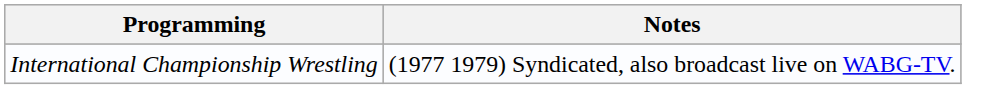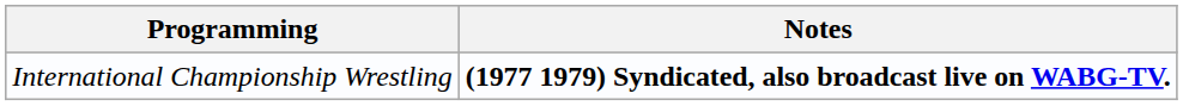 <table class="wikitable" style="background:#fcfdff; font-size:95%;">
 <tr>
 <th>Programming</th>
 <th>Notes</th>
 </tr>
 <tr>
 <td><em>International Championship Wrestling</em></td>
-<td>(1977 1979) Syndicated, also broadcast live on <a href='#'>WABG-TV</a>.</td>
+<td><strong>(1977 1979) Syndicated, also broadcast live on <a href='#'>WABG-TV</a>.</strong></td>
 </tr>
 </table>
